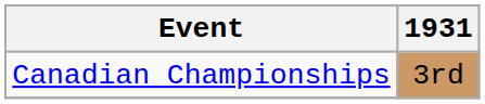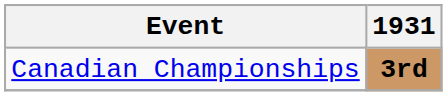 <table class="wikitable">
 <tr>
 <th>Event</th>
 <th>1931</th>
 </tr>
 <tr>
 <td><a href='#'>Canadian Championships</a></td>
-<td align="center" bgcolor="cc9966">3rd</td>
+<td align="center" bgcolor="cc9966"><strong>3rd</strong></td>
 </tr>
 <tr>
 </tr>
 </table>
